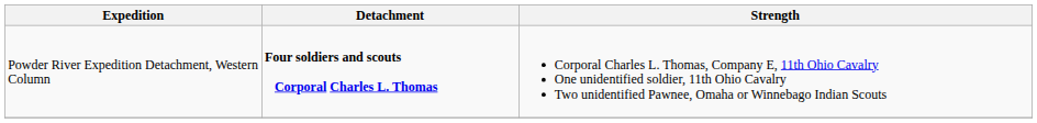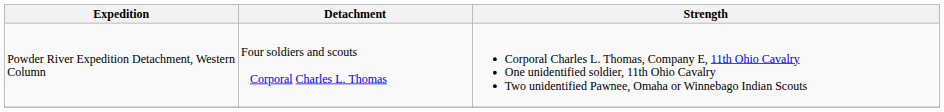 <table class="wikitable">
 <tr>
 <th width=25%>Expedition</th>
 <th width=25%>Detachment</th>
 <th>Strength</th>
 </tr>
 <tr>
 <td rowspan=1><br>Powder River Expedition Detachment, Western Column<br>    </td>
-<td><strong>Four soldiers and scouts<br><br>   <a href='#'>Corporal</a> <a href='#'>Charles L. Thomas</a></strong></td>
+<td>Four soldiers and scouts<br><br>   <a href='#'>Corporal</a> <a href='#'>Charles L. Thomas</a></td>
 <td><br><ul><li>Corporal Charles L. Thomas, Company E, <a href='#'>11th Ohio Cavalry</a></li><li>One unidentified soldier, 11th Ohio Cavalry</li><li>Two unidentified Pawnee, Omaha or Winnebago Indian Scouts</li></ul></td>
 </tr>
 <tr>
 </tr>
 </table>
